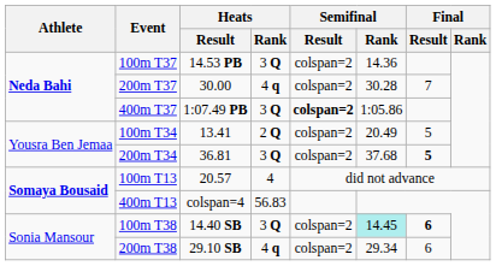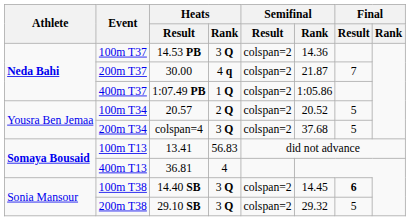 <table class=wikitable style="font-size:90%">
 <tr>
 <th rowspan="2">Athlete</th>
 <th rowspan="2">Event</th>
 <th colspan="2">Heats</th>
 <th colspan="2">Semifinal</th>
 <th colspan="2">Final</th>
 </tr>
 <tr>
 <th>Result</th>
 <th>Rank</th>
 <th>Result</th>
 <th>Rank</th>
 <th>Result</th>
 <th>Rank</th>
 </tr>
 <tr align=center>
 <td align=left rowspan=3><strong><a href='#'>Neda Bahi</a></strong></td>
 <td align=left><a href='#'>100m T37</a></td>
 <td>14.53 <strong>PB</strong></td>
 <td>3 <strong>Q</strong></td>
 <td>colspan=2 </td>
 <td>14.36</td>
 <td></td>
 </tr>
 <tr align=center>
 <td align=left><a href='#'>200m T37</a></td>
 <td>30.00</td>
 <td>4 <strong>q</strong></td>
 <td>colspan=2 </td>
-<td>30.28</td>
+<td>21.87</td>
 <td>7</td>
 </tr>
 <tr align=center>
 <td align=left><a href='#'>400m T37</a></td>
 <td>1:07.49 <strong>PB</strong></td>
-<td>3 <strong>Q</strong></td>
-<td><strong>colspan=2 </strong></td>
+<td>1 <strong>Q</strong></td>
+<td>colspan=2 </td>
 <td>1:05.86</td>
 <td></td>
 </tr>
 <tr align=center>
 <td align=left rowspan=2><a href='#'>Yousra Ben Jemaa</a></td>
 <td align=left><a href='#'>100m T34</a></td>
-<td>13.41</td>
+<td>20.57</td>
 <td>2 <strong>Q</strong></td>
 <td>colspan=2 </td>
-<td>20.49</td>
+<td>20.52</td>
 <td>5</td>
 </tr>
 <tr align=center>
 <td align=left><a href='#'>200m T34</a></td>
-<td>36.81</td>
+<td>colspan=4 </td>
 <td>3 <strong>Q</strong></td>
 <td>colspan=2 </td>
 <td>37.68</td>
-<td><strong>5</strong></td>
+<td>5</td>
 </tr>
 <tr align=center>
 <td align=left rowspan=2><strong><a href='#'>Somaya Bousaid</a></strong></td>
 <td align=left><a href='#'>100m T13</a></td>
-<td>20.57</td>
-<td>4</td>
+<td>13.41</td>
+<td>56.83</td>
 <td colspan=4>did not advance</td>
 </tr>
 <tr align=center>
 <td align=left><a href='#'>400m T13</a></td>
-<td>colspan=4 </td>
-<td>56.83</td>
+<td>36.81</td>
+<td>4</td>
 <td></td>
 </tr>
 <tr align=center>
 <td align=left rowspan=2><a href='#'>Sonia Mansour</a></td>
 <td align=left><a href='#'>100m T38</a></td>
 <td>14.40 <strong>SB</strong></td>
 <td>3 <strong>Q</strong></td>
 <td>colspan=2 </td>
-<td style="background: paleturquoise;">14.45</td>
+<td>14.45</td>
 <td><strong>6</strong></td>
 </tr>
 <tr align=center>
 <td align=left><a href='#'>200m T38</a></td>
 <td>29.10 <strong>SB</strong></td>
-<td>4 <strong>q</strong></td>
+<td>3 <strong>Q</strong></td>
 <td>colspan=2 </td>
-<td>29.34</td>
-<td>6</td>
+<td>29.32</td>
+<td>5</td>
 </tr>
 </table>
